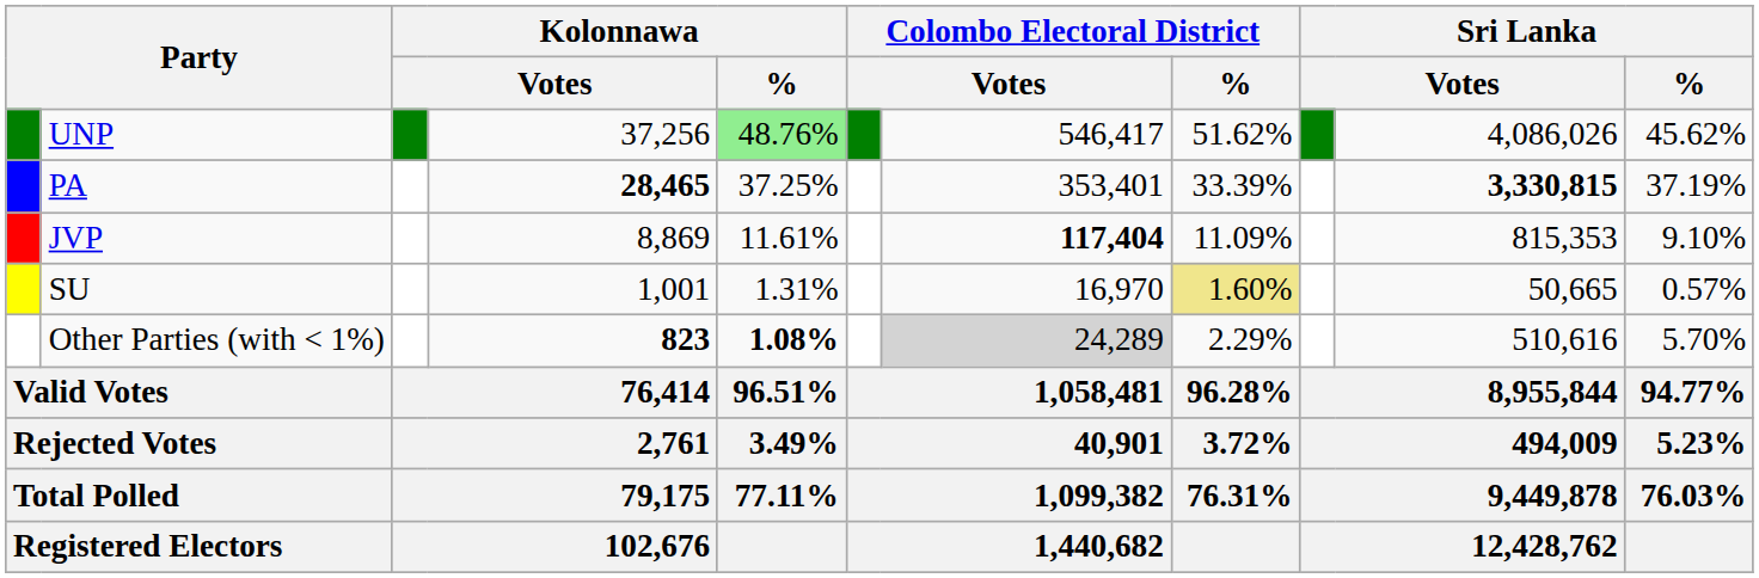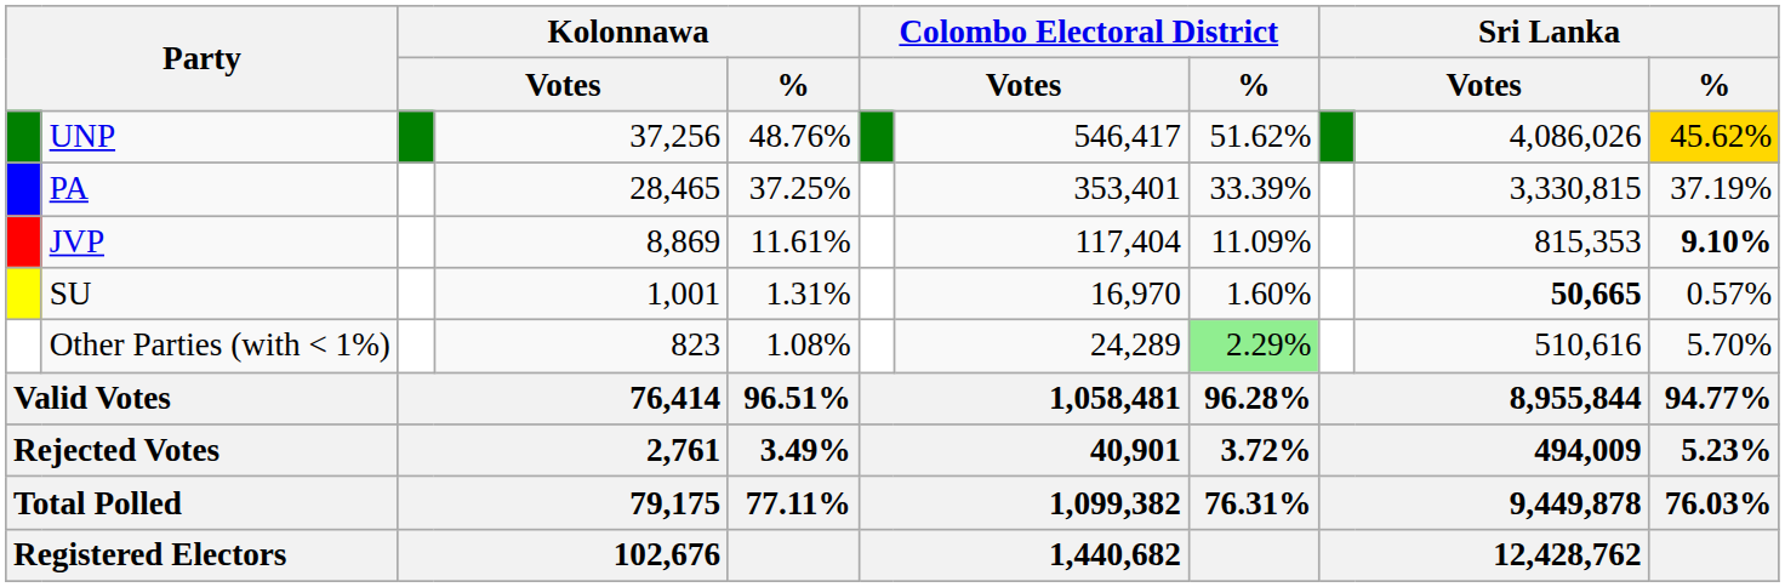 <table class="wikitable">
 <tr>
 <th colspan="2" width="144px"rowspan="2">Party</th>
 <th colspan="3" width="216px">Kolonnawa</th>
 <th colspan="3" width="216px"><a href='#'>Colombo Electoral District</a></th>
 <th colspan="3" width="216px">Sri Lanka</th>
 </tr>
 <tr>
 <th colspan="2" width="144px">Votes</th>
 <th>%</th>
 <th colspan="2" width="144px">Votes</th>
 <th>%</th>
 <th colspan="2" width="144px">Votes</th>
 <th>%</th>
 </tr>
 <tr>
 <td style="background-color:green;" width="10px"></td>
 <td style="text-align:left;"><a href='#'>UNP</a></td>
 <td style="background-color:green;" width="10px"></td>
 <td style="text-align:right;">37,256</td>
-<td style="background: lightgreen; text-align:right;">48.76%</td>
+<td style="text-align:right;">48.76%</td>
 <td style="background-color:green;" width="10px"></td>
 <td style="text-align:right;">546,417</td>
 <td style="text-align:right;">51.62%</td>
 <td style="background-color:green;" width="10px"></td>
 <td style="text-align:right;">4,086,026</td>
-<td style="text-align:right;">45.62%</td>
+<td style="background: gold; text-align:right;">45.62%</td>
 </tr>
 <tr>
 <td style="background-color:blue;" width="10px"></td>
 <td style="text-align:left;"><a href='#'>PA</a></td>
 <td style="background-color:white;" width="10px"></td>
-<td style="text-align:right;"><strong>28,465</strong></td>
+<td style="text-align:right;">28,465</td>
 <td style="text-align:right;">37.25%</td>
 <td style="background-color:white;" width="10px"></td>
 <td style="text-align:right;">353,401</td>
 <td style="text-align:right;">33.39%</td>
 <td style="background-color:white;" width="10px"></td>
-<td style="text-align:right;"><strong>3,330,815</strong></td>
+<td style="text-align:right;">3,330,815</td>
 <td style="text-align:right;">37.19%</td>
 </tr>
 <tr>
 <td style="background-color:red;" width="10px"></td>
 <td style="text-align:left;"><a href='#'>JVP</a></td>
 <td style="background-color:white;" width="10px"></td>
 <td style="text-align:right;">8,869</td>
 <td style="text-align:right;">11.61%</td>
 <td style="background-color:white;" width="10px"></td>
-<td style="text-align:right;"><strong>117,404</strong></td>
+<td style="text-align:right;">117,404</td>
 <td style="text-align:right;">11.09%</td>
 <td style="background-color:white;" width="10px"></td>
 <td style="text-align:right;">815,353</td>
-<td style="text-align:right;">9.10%</td>
+<td style="text-align:right;"><strong>9.10%</strong></td>
 </tr>
 <tr>
 <td style="background-color:yellow;" width="10px"></td>
 <td style="text-align:left;">SU</td>
 <td style="background-color:white;" width="10px"></td>
 <td style="text-align:right;">1,001</td>
 <td style="text-align:right;">1.31%</td>
 <td style="background-color:white;" width="10px"></td>
 <td style="text-align:right;">16,970</td>
-<td style="background: khaki; text-align:right;">1.60%</td>
+<td style="text-align:right;">1.60%</td>
 <td style="background-color:white;" width="10px"></td>
-<td style="text-align:right;">50,665</td>
+<td style="text-align:right;"><strong>50,665</strong></td>
 <td style="text-align:right;">0.57%</td>
 </tr>
 <tr>
 <td style="background-color:white;" width="10px"></td>
 <td style="text-align:left;">Other Parties (with < 1%)</td>
 <td style="background-color:white;" width="10px"></td>
-<td style="text-align:right;"><strong>823</strong></td>
-<td style="text-align:right;"><strong>1.08%</strong></td>
+<td style="text-align:right;">823</td>
+<td style="text-align:right;">1.08%</td>
 <td style="background-color:white;" width="10px"></td>
-<td style="background: lightgrey; text-align:right;">24,289</td>
-<td style="text-align:right;">2.29%</td>
+<td style="text-align:right;">24,289</td>
+<td style="background: lightgreen; text-align:right;">2.29%</td>
 <td style="background-color:white;" width="10px"></td>
 <td style="text-align:right;">510,616</td>
 <td style="text-align:right;">5.70%</td>
 </tr>
 <tr>
 <th colspan="2" width="144px"style="text-align:left;">Valid Votes</th>
 <th style="text-align:right;"colspan="2" width="144px">76,414</th>
 <th style="text-align:right;">96.51%</th>
 <th style="text-align:right;"colspan="2" width="144px">1,058,481</th>
 <th style="text-align:right;">96.28%</th>
 <th style="text-align:right;"colspan="2" width="144px">8,955,844</th>
 <th style="text-align:right;">94.77%</th>
 </tr>
 <tr>
 <th colspan="2" width="144px"style="text-align:left;">Rejected Votes</th>
 <th style="text-align:right;"colspan="2" width="144px">2,761</th>
 <th style="text-align:right;">3.49%</th>
 <th style="text-align:right;"colspan="2" width="144px">40,901</th>
 <th style="text-align:right;">3.72%</th>
 <th style="text-align:right;"colspan="2" width="144px">494,009</th>
 <th style="text-align:right;">5.23%</th>
 </tr>
 <tr>
 <th colspan="2" width="144px"style="text-align:left;">Total Polled</th>
 <th style="text-align:right;"colspan="2" width="144px">79,175</th>
 <th style="text-align:right;">77.11%</th>
 <th style="text-align:right;"colspan="2" width="144px">1,099,382</th>
 <th style="text-align:right;">76.31%</th>
 <th style="text-align:right;"colspan="2" width="144px">9,449,878</th>
 <th style="text-align:right;">76.03%</th>
 </tr>
 <tr>
 <th colspan="2" width="144px"style="text-align:left;">Registered Electors</th>
 <th style="text-align:right;"colspan="2" width="144px">102,676</th>
 <th></th>
 <th style="text-align:right;"colspan="2" width="144px">1,440,682</th>
 <th></th>
 <th style="text-align:right;"colspan="2" width="144px">12,428,762</th>
 <th></th>
 </tr>
 </table>
